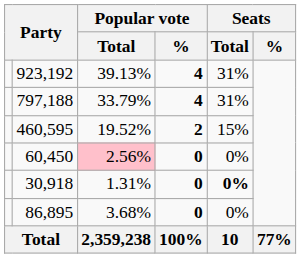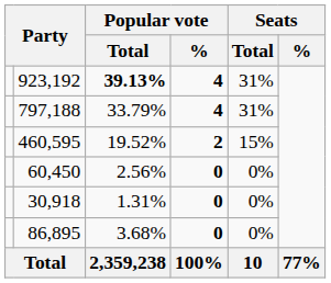 <table class=wikitable style="text-align:right;">
 <tr>
 <th rowspan=2 colspan=2>Party</th>
 <th colspan=2>Popular vote</th>
 <th colspan=2>Seats</th>
 </tr>
 <tr>
 <th>Total</th>
 <th>%</th>
 <th>Total</th>
 <th>%</th>
 </tr>
 <tr>
 <td></td>
 <td>923,192</td>
-<td>39.13%</td>
+<td><strong>39.13%</strong></td>
 <td><strong>4</strong></td>
 <td>31%</td>
 </tr>
 <tr>
 <td></td>
 <td>797,188</td>
 <td>33.79%</td>
 <td><strong>4</strong></td>
 <td>31%</td>
 </tr>
 <tr>
 <td></td>
 <td>460,595</td>
 <td>19.52%</td>
 <td><strong>2</strong></td>
 <td>15%</td>
 </tr>
 <tr>
 <td></td>
 <td>60,450</td>
-<td style="background: pink;">2.56%</td>
+<td>2.56%</td>
 <td><strong>0</strong></td>
 <td>0%</td>
 </tr>
 <tr>
 <td></td>
 <td>30,918</td>
 <td>1.31%</td>
 <td><strong>0</strong></td>
-<td><strong>0%</strong></td>
+<td>0%</td>
 </tr>
 <tr>
 <td></td>
 <td>86,895</td>
 <td>3.68%</td>
 <td><strong>0</strong></td>
 <td>0%</td>
 </tr>
 <tr>
 <th colspan=2>Total</th>
 <th>2,359,238</th>
 <th>100%</th>
 <th>10</th>
 <th>77%</th>
 </tr>
 </table>
